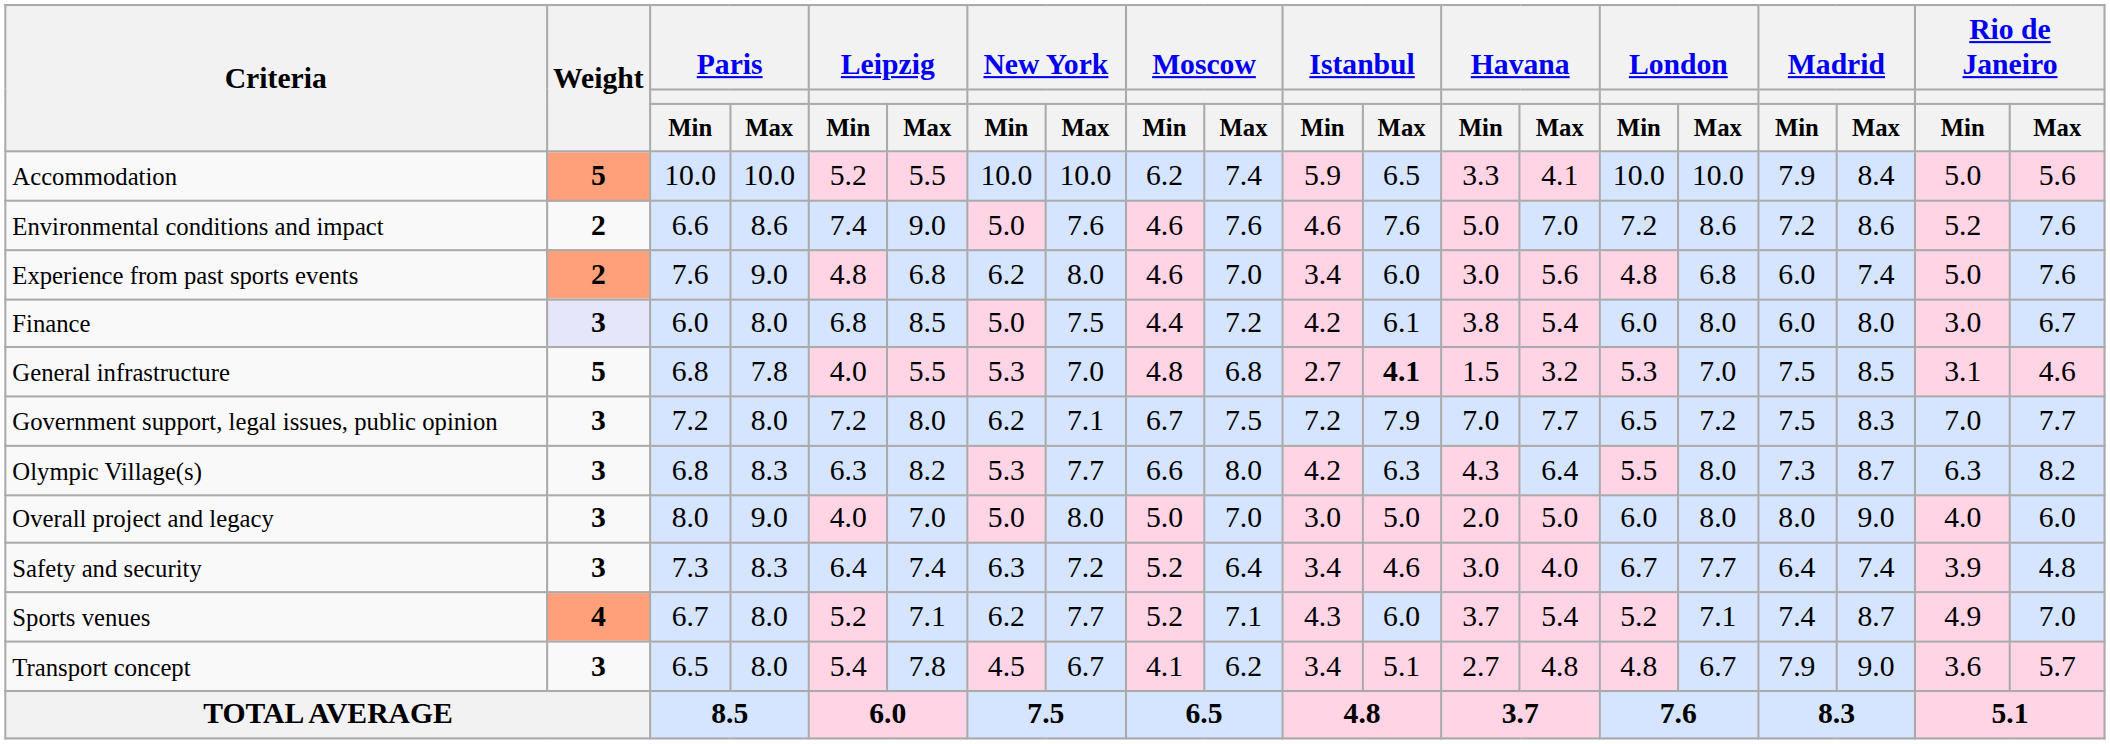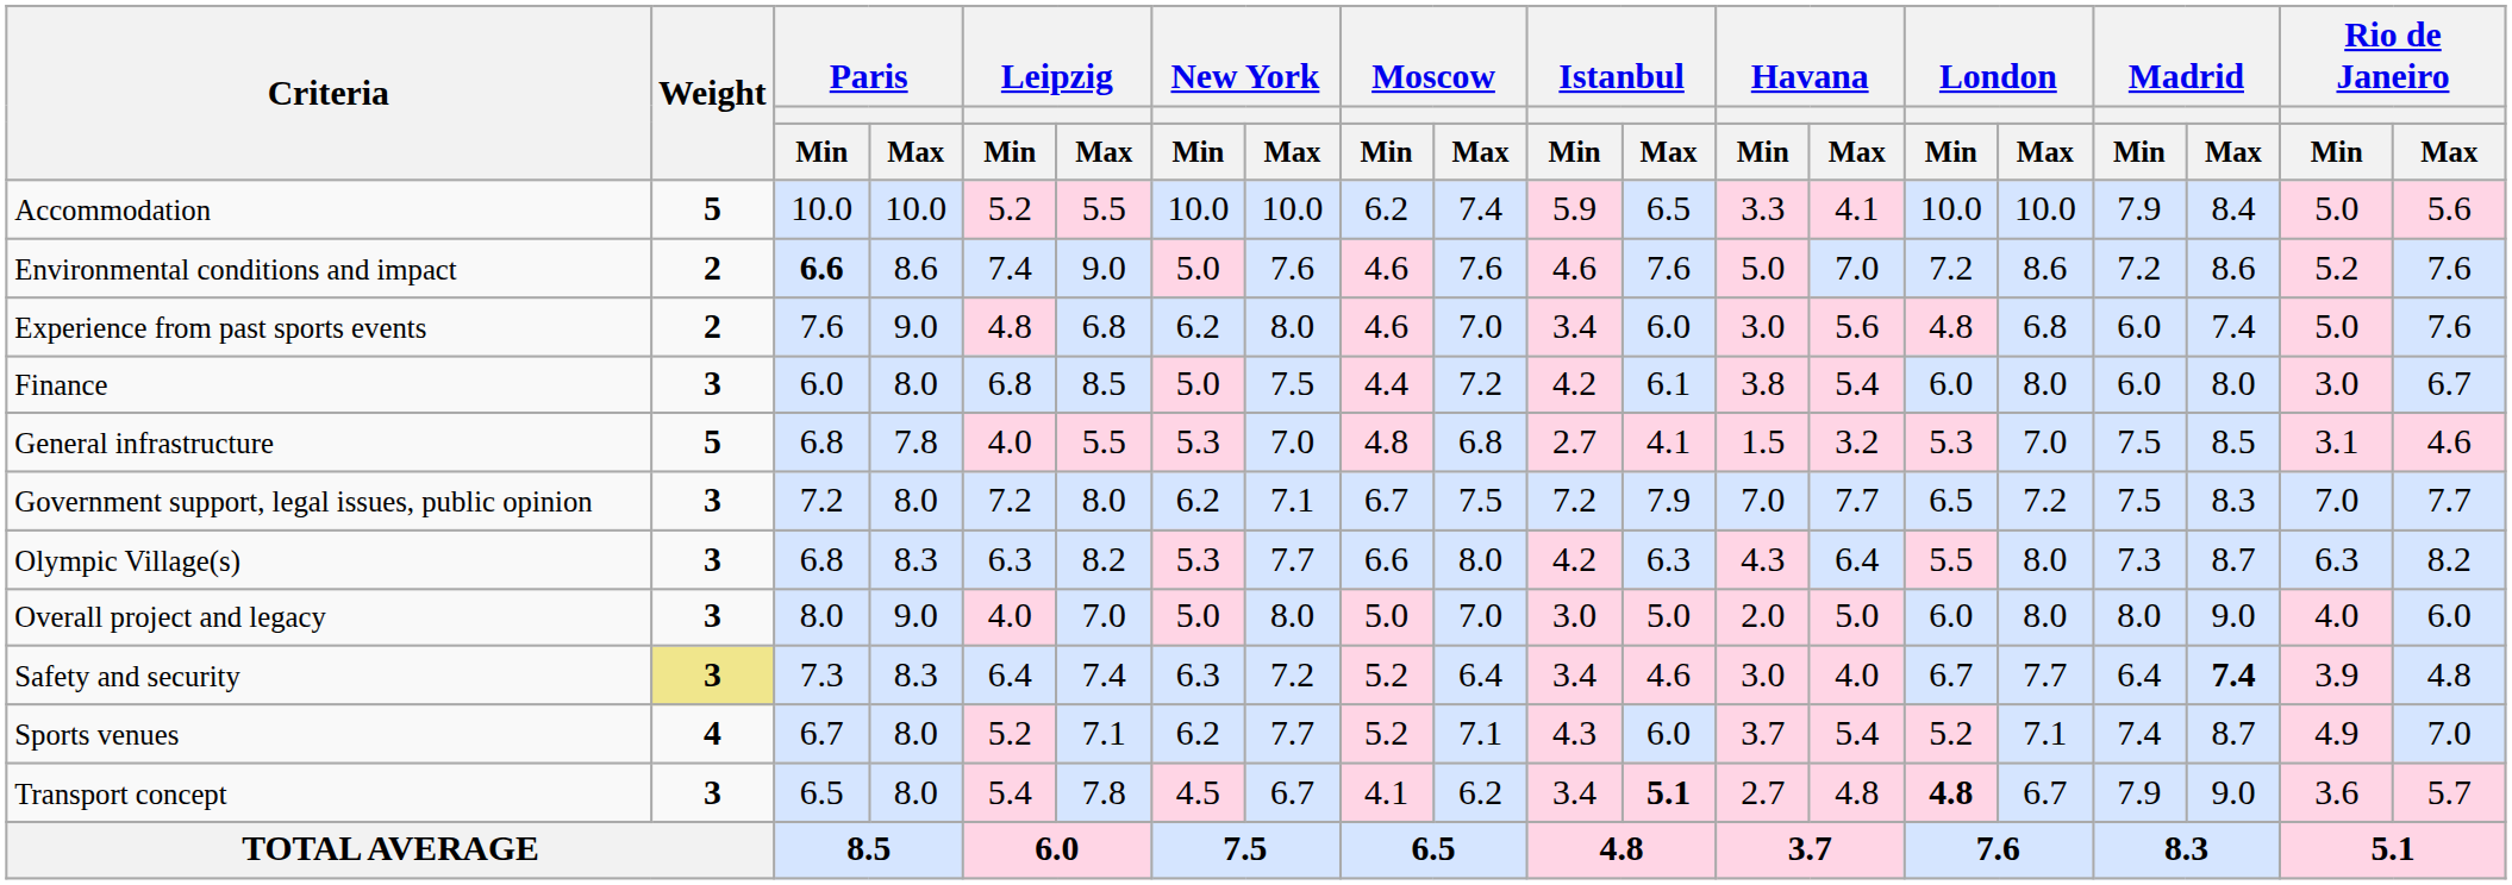 <table class="wikitable" style="width: 1020px; text-align:center; font-size:90%;margin-left: auto; margin-right: auto;">
 <tr>
 <th rowspan="3">Criteria</th>
 <th width="30px" rowspan="3">Weight</th>
 <th width="70px" colspan="2" valign="bottom"><a href='#'>Paris</a></th>
 <th width="70px" colspan="2" valign="bottom"><a href='#'>Leipzig</a></th>
 <th width="70px" colspan="2" valign="bottom"><a href='#'>New York</a></th>
 <th width="70px" colspan="2" valign="bottom"><a href='#'>Moscow</a></th>
 <th width="70px" colspan="2" valign="bottom"><a href='#'>Istanbul</a></th>
 <th width="70px" colspan="2" valign="bottom"><a href='#'>Havana</a></th>
 <th width="70px" colspan="2" valign="bottom"><a href='#'>London</a></th>
 <th width="70px" colspan="2" valign="bottom"><a href='#'>Madrid</a></th>
 <th width="85px" colspan="2" valign="bottom"><a href='#'>Rio de Janeiro</a></th>
 </tr>
 <tr>
 <th colspan="2"></th>
 <th colspan="2"></th>
 <th colspan="2"></th>
 <th colspan="2"></th>
 <th colspan="2"></th>
 <th colspan="2"></th>
 <th colspan="2"></th>
 <th colspan="2"></th>
 <th colspan="2"></th>
 </tr>
 <tr>
 <th width="25px"><small>Min</small></th>
 <th width="25px"><small>Max</small></th>
 <th width="25px"><small>Min</small></th>
 <th width="25px"><small>Max</small></th>
 <th width="25px"><small>Min</small></th>
 <th width="25px"><small>Max</small></th>
 <th width="25px"><small>Min</small></th>
 <th width="25px"><small>Max</small></th>
 <th width="25px"><small>Min</small></th>
 <th width="25px"><small>Max</small></th>
 <th width="25px"><small>Min</small></th>
 <th width="25px"><small>Max</small></th>
 <th width="25px"><small>Min</small></th>
 <th width="25px"><small>Max</small></th>
 <th width="25px"><small>Min</small></th>
 <th width="25px"><small>Max</small></th>
 <th width="25px"><small>Min</small></th>
 <th width="25px"><small>Max</small></th>
 </tr>
 <tr>
 <td align="left"><small>Accommodation</small></td>
-<td style="background: lightsalmon;"><strong>5</strong></td>
+<td><strong>5</strong></td>
 <td style="background: #d5e5ff">10.0</td>
 <td style="background: #d5e5ff">10.0</td>
 <td style="background: #ffd5e5">5.2</td>
 <td style="background: #ffd5e5">5.5</td>
 <td style="background: #d5e5ff">10.0</td>
 <td style="background: #d5e5ff">10.0</td>
 <td style="background: #d5e5ff">6.2</td>
 <td style="background: #d5e5ff">7.4</td>
 <td style="background: #ffd5e5">5.9</td>
 <td style="background: #d5e5ff">6.5</td>
 <td style="background: #ffd5e5">3.3</td>
 <td style="background: #ffd5e5">4.1</td>
 <td style="background: #d5e5ff">10.0</td>
 <td style="background: #d5e5ff">10.0</td>
 <td style="background: #d5e5ff">7.9</td>
 <td style="background: #d5e5ff">8.4</td>
 <td style="background: #ffd5e5">5.0</td>
 <td style="background: #ffd5e5">5.6</td>
 </tr>
 <tr>
 <td align="left"><small>Environmental conditions and impact</small></td>
 <td><strong>2</strong></td>
-<td style="background: #d5e5ff">6.6</td>
+<td style="background: #d5e5ff"><strong>6.6</strong></td>
 <td style="background: #d5e5ff">8.6</td>
 <td style="background: #d5e5ff">7.4</td>
 <td style="background: #d5e5ff">9.0</td>
 <td style="background: #ffd5e5">5.0</td>
 <td style="background: #d5e5ff">7.6</td>
 <td style="background: #ffd5e5">4.6</td>
 <td style="background: #d5e5ff">7.6</td>
 <td style="background: #ffd5e5">4.6</td>
 <td style="background: #d5e5ff">7.6</td>
 <td style="background: #ffd5e5">5.0</td>
 <td style="background: #d5e5ff">7.0</td>
 <td style="background: #d5e5ff">7.2</td>
 <td style="background: #d5e5ff">8.6</td>
 <td style="background: #d5e5ff">7.2</td>
 <td style="background: #d5e5ff">8.6</td>
 <td style="background: #ffd5e5">5.2</td>
 <td style="background: #d5e5ff">7.6</td>
 </tr>
 <tr>
 <td align="left"><small>Experience from past sports events</small></td>
-<td style="background: lightsalmon;"><strong>2</strong></td>
+<td><strong>2</strong></td>
 <td style="background: #d5e5ff">7.6</td>
 <td style="background: #d5e5ff">9.0</td>
 <td style="background: #ffd5e5">4.8</td>
 <td style="background: #d5e5ff">6.8</td>
 <td style="background: #d5e5ff">6.2</td>
 <td style="background: #d5e5ff">8.0</td>
 <td style="background: #ffd5e5">4.6</td>
 <td style="background: #d5e5ff">7.0</td>
 <td style="background: #ffd5e5">3.4</td>
 <td style="background: #d5e5ff">6.0</td>
 <td style="background: #ffd5e5">3.0</td>
 <td style="background: #ffd5e5">5.6</td>
 <td style="background: #ffd5e5">4.8</td>
 <td style="background: #d5e5ff">6.8</td>
 <td style="background: #d5e5ff">6.0</td>
 <td style="background: #d5e5ff">7.4</td>
 <td style="background: #ffd5e5">5.0</td>
 <td style="background: #d5e5ff">7.6</td>
 </tr>
 <tr>
 <td align="left"><small>Finance</small></td>
-<td style="background: lavender;"><strong>3</strong></td>
+<td><strong>3</strong></td>
 <td style="background: #d5e5ff">6.0</td>
 <td style="background: #d5e5ff">8.0</td>
 <td style="background: #d5e5ff">6.8</td>
 <td style="background: #d5e5ff">8.5</td>
 <td style="background: #ffd5e5">5.0</td>
 <td style="background: #d5e5ff">7.5</td>
 <td style="background: #ffd5e5">4.4</td>
 <td style="background: #d5e5ff">7.2</td>
 <td style="background: #ffd5e5">4.2</td>
 <td style="background: #d5e5ff">6.1</td>
 <td style="background: #ffd5e5">3.8</td>
 <td style="background: #ffd5e5">5.4</td>
 <td style="background: #d5e5ff">6.0</td>
 <td style="background: #d5e5ff">8.0</td>
 <td style="background: #d5e5ff">6.0</td>
 <td style="background: #d5e5ff">8.0</td>
 <td style="background: #ffd5e5">3.0</td>
 <td style="background: #d5e5ff">6.7</td>
 </tr>
 <tr>
 <td align="left"><small>General infrastructure</small></td>
 <td><strong>5</strong></td>
 <td style="background: #d5e5ff">6.8</td>
 <td style="background: #d5e5ff">7.8</td>
 <td style="background: #ffd5e5">4.0</td>
 <td style="background: #ffd5e5">5.5</td>
 <td style="background: #ffd5e5">5.3</td>
 <td style="background: #d5e5ff">7.0</td>
 <td style="background: #ffd5e5">4.8</td>
 <td style="background: #d5e5ff">6.8</td>
 <td style="background: #ffd5e5">2.7</td>
-<td style="background: #ffd5e5"><strong>4.1</strong></td>
+<td style="background: #ffd5e5">4.1</td>
 <td style="background: #ffd5e5">1.5</td>
 <td style="background: #ffd5e5">3.2</td>
 <td style="background: #ffd5e5">5.3</td>
 <td style="background: #d5e5ff">7.0</td>
 <td style="background: #d5e5ff">7.5</td>
 <td style="background: #d5e5ff">8.5</td>
 <td style="background: #ffd5e5">3.1</td>
 <td style="background: #ffd5e5">4.6</td>
 </tr>
 <tr>
 <td align="left"><small>Government support, legal issues, public opinion</small></td>
 <td><strong>3</strong></td>
 <td style="background: #d5e5ff">7.2</td>
 <td style="background: #d5e5ff">8.0</td>
 <td style="background: #d5e5ff">7.2</td>
 <td style="background: #d5e5ff">8.0</td>
 <td style="background: #d5e5ff">6.2</td>
 <td style="background: #d5e5ff">7.1</td>
 <td style="background: #d5e5ff">6.7</td>
 <td style="background: #d5e5ff">7.5</td>
 <td style="background: #d5e5ff">7.2</td>
 <td style="background: #d5e5ff">7.9</td>
 <td style="background: #d5e5ff">7.0</td>
 <td style="background: #d5e5ff">7.7</td>
 <td style="background: #d5e5ff">6.5</td>
 <td style="background: #d5e5ff">7.2</td>
 <td style="background: #d5e5ff">7.5</td>
 <td style="background: #d5e5ff">8.3</td>
 <td style="background: #d5e5ff">7.0</td>
 <td style="background: #d5e5ff">7.7</td>
 </tr>
 <tr>
 <td align="left"><small>Olympic Village(s)</small></td>
 <td><strong>3</strong></td>
 <td style="background: #d5e5ff">6.8</td>
 <td style="background: #d5e5ff">8.3</td>
 <td style="background: #d5e5ff">6.3</td>
 <td style="background: #d5e5ff">8.2</td>
 <td style="background: #ffd5e5">5.3</td>
 <td style="background: #d5e5ff">7.7</td>
 <td style="background: #d5e5ff">6.6</td>
 <td style="background: #d5e5ff">8.0</td>
 <td style="background: #ffd5e5">4.2</td>
 <td style="background: #d5e5ff">6.3</td>
 <td style="background: #ffd5e5">4.3</td>
 <td style="background: #d5e5ff">6.4</td>
 <td style="background: #ffd5e5">5.5</td>
 <td style="background: #d5e5ff">8.0</td>
 <td style="background: #d5e5ff">7.3</td>
 <td style="background: #d5e5ff">8.7</td>
 <td style="background: #d5e5ff">6.3</td>
 <td style="background: #d5e5ff">8.2</td>
 </tr>
 <tr>
 <td align="left"><small>Overall project and legacy</small></td>
 <td><strong>3</strong></td>
 <td style="background: #d5e5ff">8.0</td>
 <td style="background: #d5e5ff">9.0</td>
 <td style="background: #ffd5e5">4.0</td>
 <td style="background: #d5e5ff">7.0</td>
 <td style="background: #ffd5e5">5.0</td>
 <td style="background: #d5e5ff">8.0</td>
 <td style="background: #ffd5e5">5.0</td>
 <td style="background: #d5e5ff">7.0</td>
 <td style="background: #ffd5e5">3.0</td>
 <td style="background: #ffd5e5">5.0</td>
 <td style="background: #ffd5e5">2.0</td>
 <td style="background: #ffd5e5">5.0</td>
 <td style="background: #d5e5ff">6.0</td>
 <td style="background: #d5e5ff">8.0</td>
 <td style="background: #d5e5ff">8.0</td>
 <td style="background: #d5e5ff">9.0</td>
 <td style="background: #ffd5e5">4.0</td>
 <td style="background: #d5e5ff">6.0</td>
 </tr>
 <tr>
 <td align="left"><small>Safety and security</small></td>
-<td><strong>3</strong></td>
+<td style="background: khaki;"><strong>3</strong></td>
 <td style="background: #d5e5ff">7.3</td>
 <td style="background: #d5e5ff">8.3</td>
 <td style="background: #d5e5ff">6.4</td>
 <td style="background: #d5e5ff">7.4</td>
 <td style="background: #d5e5ff">6.3</td>
 <td style="background: #d5e5ff">7.2</td>
 <td style="background: #ffd5e5">5.2</td>
 <td style="background: #d5e5ff">6.4</td>
 <td style="background: #ffd5e5">3.4</td>
 <td style="background: #ffd5e5">4.6</td>
 <td style="background: #ffd5e5">3.0</td>
 <td style="background: #ffd5e5">4.0</td>
 <td style="background: #d5e5ff">6.7</td>
 <td style="background: #d5e5ff">7.7</td>
 <td style="background: #d5e5ff">6.4</td>
-<td style="background: #d5e5ff">7.4</td>
+<td style="background: #d5e5ff"><strong>7.4</strong></td>
 <td style="background: #ffd5e5">3.9</td>
 <td style="background: #d5e5ff">4.8</td>
 </tr>
 <tr>
 <td align="left"><small>Sports venues</small></td>
-<td style="background: lightsalmon;"><strong>4</strong></td>
+<td><strong>4</strong></td>
 <td style="background: #d5e5ff">6.7</td>
 <td style="background: #d5e5ff">8.0</td>
 <td style="background: #ffd5e5">5.2</td>
 <td style="background: #d5e5ff">7.1</td>
 <td style="background: #d5e5ff">6.2</td>
 <td style="background: #d5e5ff">7.7</td>
 <td style="background: #ffd5e5">5.2</td>
 <td style="background: #d5e5ff">7.1</td>
 <td style="background: #ffd5e5">4.3</td>
 <td style="background: #d5e5ff">6.0</td>
 <td style="background: #ffd5e5">3.7</td>
 <td style="background: #ffd5e5">5.4</td>
 <td style="background: #ffd5e5">5.2</td>
 <td style="background: #d5e5ff">7.1</td>
 <td style="background: #d5e5ff">7.4</td>
 <td style="background: #d5e5ff">8.7</td>
 <td style="background: #ffd5e5">4.9</td>
 <td style="background: #d5e5ff">7.0</td>
 </tr>
 <tr>
 <td align="left"><small>Transport concept</small></td>
 <td><strong>3</strong></td>
 <td style="background: #d5e5ff">6.5</td>
 <td style="background: #d5e5ff">8.0</td>
 <td style="background: #ffd5e5">5.4</td>
 <td style="background: #d5e5ff">7.8</td>
 <td style="background: #ffd5e5">4.5</td>
 <td style="background: #d5e5ff">6.7</td>
 <td style="background: #ffd5e5">4.1</td>
 <td style="background: #d5e5ff">6.2</td>
 <td style="background: #ffd5e5">3.4</td>
-<td style="background: #ffd5e5">5.1</td>
+<td style="background: #ffd5e5"><strong>5.1</strong></td>
 <td style="background: #ffd5e5">2.7</td>
 <td style="background: #ffd5e5">4.8</td>
-<td style="background: #ffd5e5">4.8</td>
+<td style="background: #ffd5e5"><strong>4.8</strong></td>
 <td style="background: #d5e5ff">6.7</td>
 <td style="background: #d5e5ff">7.9</td>
 <td style="background: #d5e5ff">9.0</td>
 <td style="background: #ffd5e5">3.6</td>
 <td style="background: #ffd5e5">5.7</td>
 </tr>
 <tr>
 <th colspan="2">TOTAL AVERAGE</th>
 <th colspan="2" style="background: #d5e5ff">8.5</th>
 <th colspan="2" style="background: #ffd5e5">6.0</th>
 <th colspan="2" style="background: #d5e5ff">7.5</th>
 <th colspan="2" style="background: #d5e5ff">6.5</th>
 <th colspan="2" style="background: #ffd5e5">4.8</th>
 <th colspan="2" style="background: #ffd5e5">3.7</th>
 <th colspan="2" style="background: #d5e5ff">7.6</th>
 <th colspan="2" style="background: #d5e5ff">8.3</th>
 <th colspan="2" style="background: #ffd5e5">5.1</th>
 </tr>
 </table>
